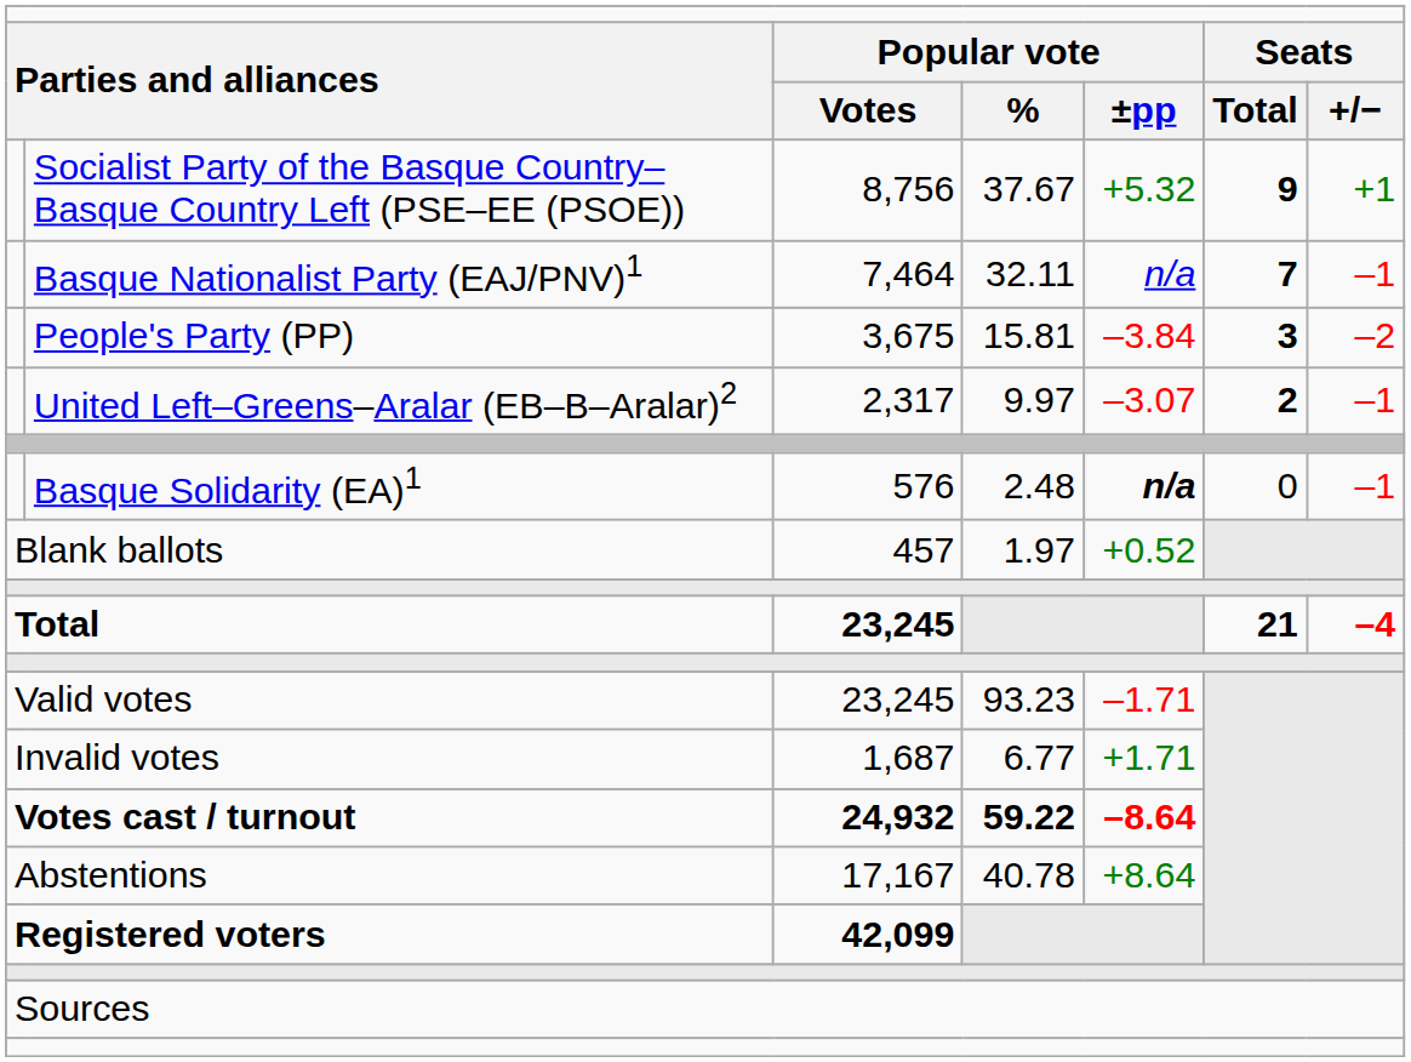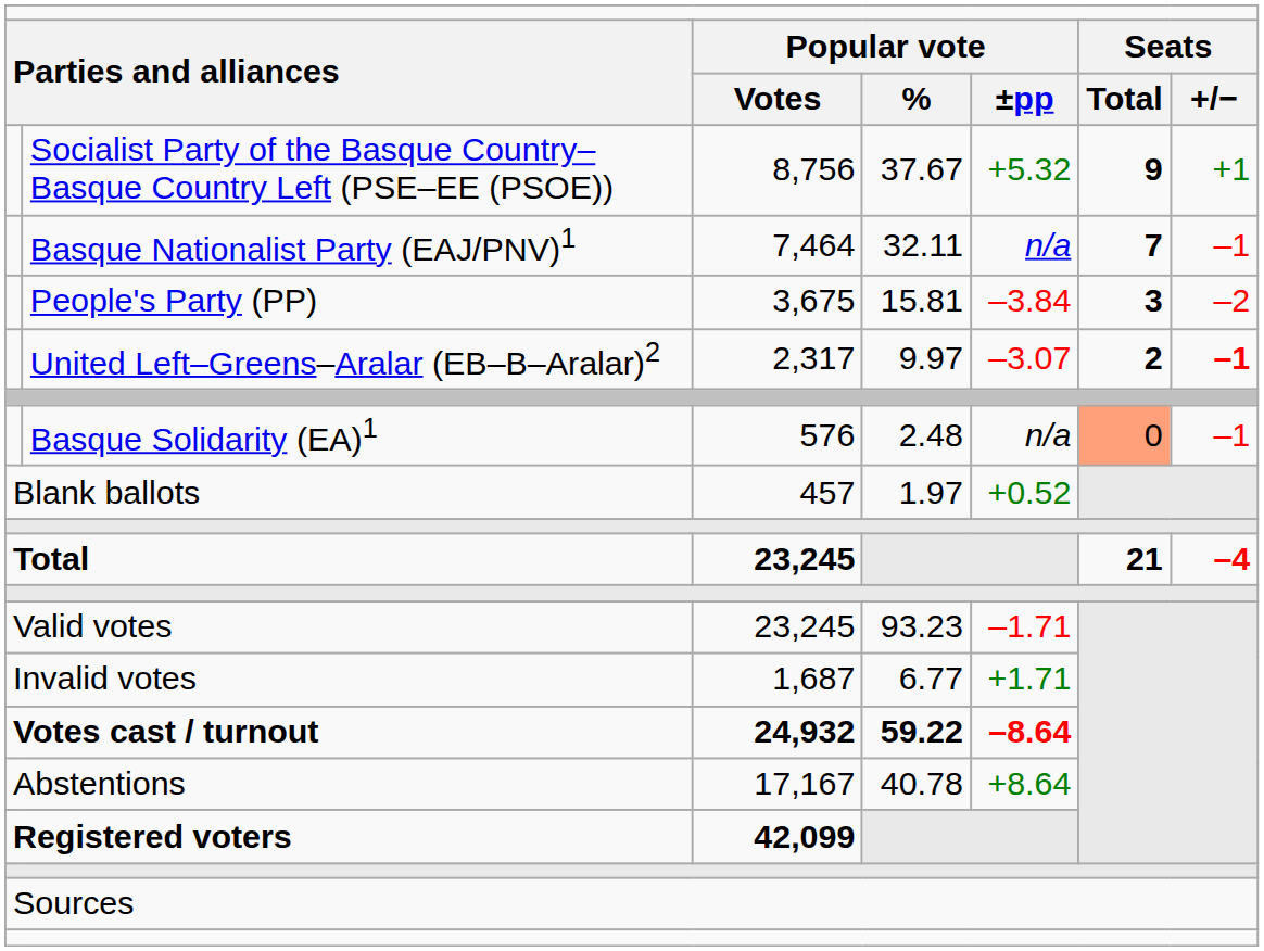 <table class="wikitable" style="text-align:right;">
 <tr>
 <td colspan="7"></td>
 </tr>
 <tr>
 <th style="text-align:left;" rowspan="2" colspan="2" width="525">Parties and alliances</th>
 <th colspan="3">Popular vote</th>
 <th colspan="2">Seats</th>
 </tr>
 <tr>
 <th width="75">Votes</th>
 <th width="45">%</th>
 <th width="45">±<a href='#'>pp</a></th>
 <th width="35">Total</th>
 <th width="35">+/−</th>
 </tr>
 <tr>
 <td width="1" style="color:inherit;background:"></td>
 <td align="left"><a href='#'>Socialist Party of the Basque Country–Basque Country Left</a> (PSE–EE (PSOE))</td>
 <td>8,756</td>
 <td>37.67</td>
 <td style="color:green;">+5.32</td>
 <td><strong>9</strong></td>
 <td style="color:green;">+1</td>
 </tr>
 <tr>
 <td style="color:inherit;background:"></td>
 <td align="left"><a href='#'>Basque Nationalist Party</a> (EAJ/PNV)<sup>1</sup></td>
 <td>7,464</td>
 <td>32.11</td>
 <td><em><a href='#'>n/a</a></em></td>
 <td><strong>7</strong></td>
 <td style="color:red;">–1</td>
 </tr>
 <tr>
 <td style="color:inherit;background:"></td>
 <td align="left"><a href='#'>People's Party</a> (PP)</td>
 <td>3,675</td>
 <td>15.81</td>
 <td style="color:red;">–3.84</td>
 <td><strong>3</strong></td>
 <td style="color:red;">–2</td>
 </tr>
 <tr>
 <td style="color:inherit;background:"></td>
 <td align="left"><a href='#'>United Left–Greens</a>–<a href='#'>Aralar</a> (EB–B–Aralar)<sup>2</sup></td>
 <td>2,317</td>
 <td>9.97</td>
 <td style="color:red;">–3.07</td>
 <td><strong>2</strong></td>
-<td style="color:red;">–1</td>
+<td style="color:red;"><strong>–1</strong></td>
 </tr>
 <tr>
 <td colspan="7" bgcolor="#C0C0C0"></td>
 </tr>
 <tr>
 <td style="color:inherit;background:"></td>
 <td align="left"><a href='#'>Basque Solidarity</a> (EA)<sup>1</sup></td>
 <td>576</td>
 <td>2.48</td>
-<td><strong><em>n/a</em></strong></td>
-<td>0</td>
+<td><em>n/a</em></td>
+<td style="background: lightsalmon;">0</td>
 <td style="color:red;">–1</td>
 </tr>
 <tr>
 <td align="left" colspan="2">Blank ballots</td>
 <td>457</td>
 <td>1.97</td>
 <td style="color:green;">+0.52</td>
 <td bgcolor="#E9E9E9" colspan="2"></td>
 </tr>
 <tr>
 <td colspan="7" bgcolor="#E9E9E9"></td>
 </tr>
 <tr style="font-weight:bold;">
 <td align="left" colspan="2">Total</td>
 <td>23,245</td>
 <td bgcolor="#E9E9E9" colspan="2"></td>
 <td>21</td>
 <td style="color:red;">–4</td>
 </tr>
 <tr>
 <td colspan="7" bgcolor="#E9E9E9"></td>
 </tr>
 <tr>
 <td align="left" colspan="2">Valid votes</td>
 <td>23,245</td>
 <td>93.23</td>
 <td style="color:red;">–1.71</td>
 <td bgcolor="#E9E9E9" colspan="2" rowspan="5"></td>
 </tr>
 <tr>
 <td align="left" colspan="2">Invalid votes</td>
 <td>1,687</td>
 <td>6.77</td>
 <td style="color:green;">+1.71</td>
 </tr>
 <tr style="font-weight:bold;">
 <td align="left" colspan="2">Votes cast / turnout</td>
 <td>24,932</td>
 <td>59.22</td>
 <td style="color:red;">–8.64</td>
 </tr>
 <tr>
 <td align="left" colspan="2">Abstentions</td>
 <td>17,167</td>
 <td>40.78</td>
 <td style="color:green;">+8.64</td>
 </tr>
 <tr style="font-weight:bold;">
 <td align="left" colspan="2">Registered voters</td>
 <td>42,099</td>
 <td bgcolor="#E9E9E9" colspan="2"></td>
 </tr>
 <tr>
 <td colspan="7" bgcolor="#E9E9E9"></td>
 </tr>
 <tr>
 <td align="left" colspan="7">Sources</td>
 </tr>
 <tr>
 <td colspan="7" style="text-align:left; max-width:790px;"></td>
 </tr>
 </table>
